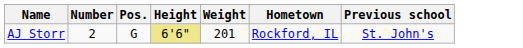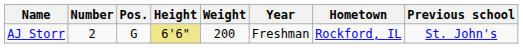 <table class="wikitable sortable" style="text-align: center">
 <tr align=center>
 <th>Name</th>
 <th>Number</th>
 <th>Pos.</th>
 <th>Height</th>
 <th>Weight</th>
+<th>Year</th>
 <th>Hometown</th>
 <th>Previous school</th>
 </tr>
 <tr>
 <td><a href='#'>AJ Storr</a></td>
 <td>2</td>
 <td>G</td>
 <td style="background: khaki;">6'6"</td>
-<td>201</td>
+<td>200</td>
+<td>Freshman</td>
 <td><a href='#'>Rockford, IL</a></td>
 <td><a href='#'>St. John's</a></td>
 </tr>
 </table>
